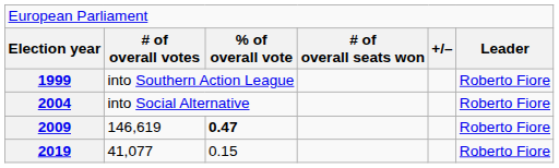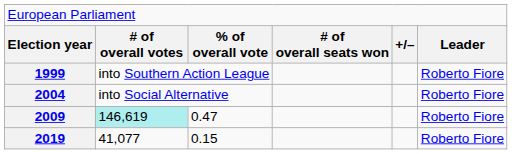 <table class="wikitable">
 <tr>
 <td colspan="6"><a href='#'>European Parliament</a></td>
 </tr>
 <tr>
 <th>Election year</th>
 <th># of<br>overall votes</th>
 <th>% of<br>overall vote</th>
 <th># of<br>overall seats won</th>
 <th>+/–</th>
 <th>Leader</th>
 </tr>
 <tr>
 <th><a href='#'>1999</a></th>
 <td colspan=2>into <a href='#'>Southern Action League</a></td>
 <td></td>
 <td></td>
 <td><a href='#'>Roberto Fiore</a></td>
 </tr>
 <tr>
 <th><a href='#'>2004</a></th>
 <td colspan=2>into <a href='#'>Social Alternative</a></td>
 <td></td>
 <td></td>
 <td><a href='#'>Roberto Fiore</a></td>
 </tr>
 <tr>
 <th><a href='#'>2009</a></th>
-<td>146,619</td>
-<td><strong>0.47</strong></td>
+<td style="background: paleturquoise;">146,619</td>
+<td>0.47</td>
 <td></td>
 <td></td>
 <td><a href='#'>Roberto Fiore</a></td>
 </tr>
 <tr>
 <th><a href='#'>2019</a></th>
 <td>41,077</td>
 <td>0.15</td>
 <td></td>
 <td></td>
 <td><a href='#'>Roberto Fiore</a></td>
 </tr>
 </table>
